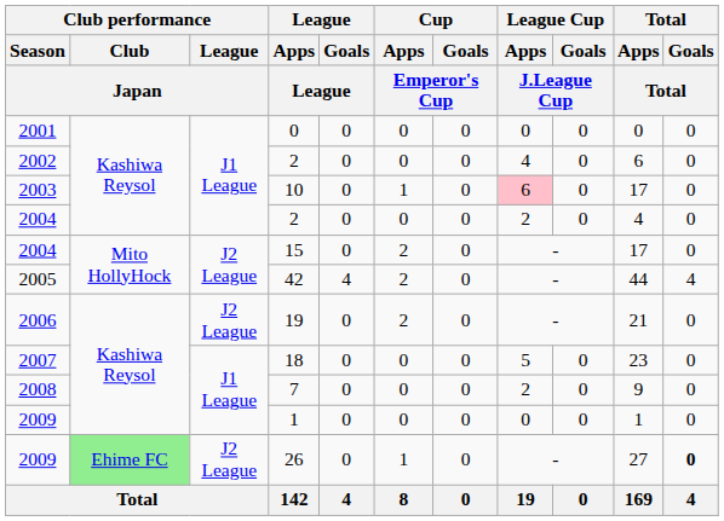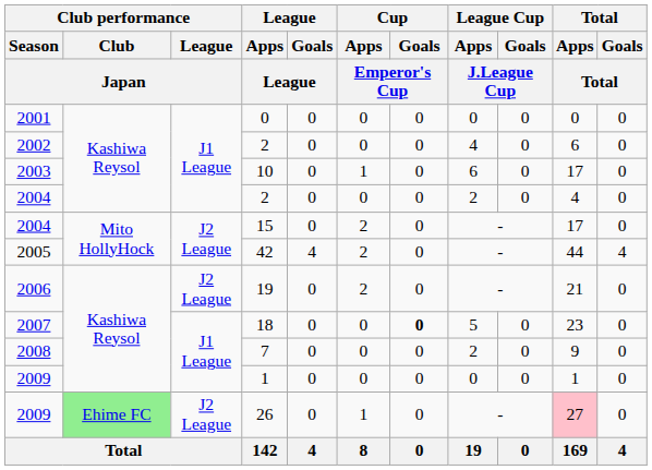 <table class="wikitable" style="text-align:center;">
 <tr>
 <th colspan=3>Club performance</th>
 <th colspan=2>League</th>
 <th colspan=2>Cup</th>
 <th colspan=2>League Cup</th>
 <th colspan=2>Total</th>
 </tr>
 <tr>
 <th>Season</th>
 <th>Club</th>
 <th>League</th>
 <th>Apps</th>
 <th>Goals</th>
 <th>Apps</th>
 <th>Goals</th>
 <th>Apps</th>
 <th>Goals</th>
 <th>Apps</th>
 <th>Goals</th>
 </tr>
 <tr>
 <th colspan=3>Japan</th>
 <th colspan=2>League</th>
 <th colspan=2><a href='#'>Emperor's Cup</a></th>
 <th colspan=2><a href='#'>J.League Cup</a></th>
 <th colspan=2>Total</th>
 </tr>
 <tr>
 <td><a href='#'>2001</a></td>
 <td rowspan="4"><a href='#'>Kashiwa Reysol</a></td>
 <td rowspan="4"><a href='#'>J1 League</a></td>
 <td>0</td>
 <td>0</td>
 <td>0</td>
 <td>0</td>
 <td>0</td>
 <td>0</td>
 <td>0</td>
 <td>0</td>
 </tr>
 <tr>
 <td><a href='#'>2002</a></td>
 <td>2</td>
 <td>0</td>
 <td>0</td>
 <td>0</td>
 <td>4</td>
 <td>0</td>
 <td>6</td>
 <td>0</td>
 </tr>
 <tr>
 <td><a href='#'>2003</a></td>
 <td>10</td>
 <td>0</td>
 <td>1</td>
 <td>0</td>
-<td style="background: pink;">6</td>
+<td>6</td>
 <td>0</td>
 <td>17</td>
 <td>0</td>
 </tr>
 <tr>
 <td><a href='#'>2004</a></td>
 <td>2</td>
 <td>0</td>
 <td>0</td>
 <td>0</td>
 <td>2</td>
 <td>0</td>
 <td>4</td>
 <td>0</td>
 </tr>
 <tr>
 <td><a href='#'>2004</a></td>
 <td rowspan="2"><a href='#'>Mito HollyHock</a></td>
 <td rowspan="2"><a href='#'>J2 League</a></td>
 <td>15</td>
 <td>0</td>
 <td>2</td>
 <td>0</td>
 <td colspan="2">-</td>
 <td>17</td>
 <td>0</td>
 </tr>
 <tr>
 <td>2005</td>
 <td>42</td>
 <td>4</td>
 <td>2</td>
 <td>0</td>
 <td colspan="2">-</td>
 <td>44</td>
 <td>4</td>
 </tr>
 <tr>
 <td><a href='#'>2006</a></td>
 <td rowspan="4"><a href='#'>Kashiwa Reysol</a></td>
 <td><a href='#'>J2 League</a></td>
 <td>19</td>
 <td>0</td>
 <td>2</td>
 <td>0</td>
 <td colspan="2">-</td>
 <td>21</td>
 <td>0</td>
 </tr>
 <tr>
 <td><a href='#'>2007</a></td>
 <td rowspan="3"><a href='#'>J1 League</a></td>
 <td>18</td>
 <td>0</td>
 <td>0</td>
-<td>0</td>
+<td><strong>0</strong></td>
 <td>5</td>
 <td>0</td>
 <td>23</td>
 <td>0</td>
 </tr>
 <tr>
 <td><a href='#'>2008</a></td>
 <td>7</td>
 <td>0</td>
 <td>0</td>
 <td>0</td>
 <td>2</td>
 <td>0</td>
 <td>9</td>
 <td>0</td>
 </tr>
 <tr>
 <td><a href='#'>2009</a></td>
 <td>1</td>
 <td>0</td>
 <td>0</td>
 <td>0</td>
 <td>0</td>
 <td>0</td>
 <td>1</td>
 <td>0</td>
 </tr>
 <tr>
 <td><a href='#'>2009</a></td>
 <td style="background: lightgreen;"><a href='#'>Ehime FC</a></td>
 <td><a href='#'>J2 League</a></td>
 <td>26</td>
 <td>0</td>
 <td>1</td>
 <td>0</td>
 <td colspan="2">-</td>
-<td>27</td>
-<td><strong>0</strong></td>
+<td style="background: pink;">27</td>
+<td>0</td>
 </tr>
 <tr>
 <th colspan=3>Total</th>
 <th>142</th>
 <th>4</th>
 <th>8</th>
 <th>0</th>
 <th>19</th>
 <th>0</th>
 <th>169</th>
 <th>4</th>
 </tr>
 </table>
